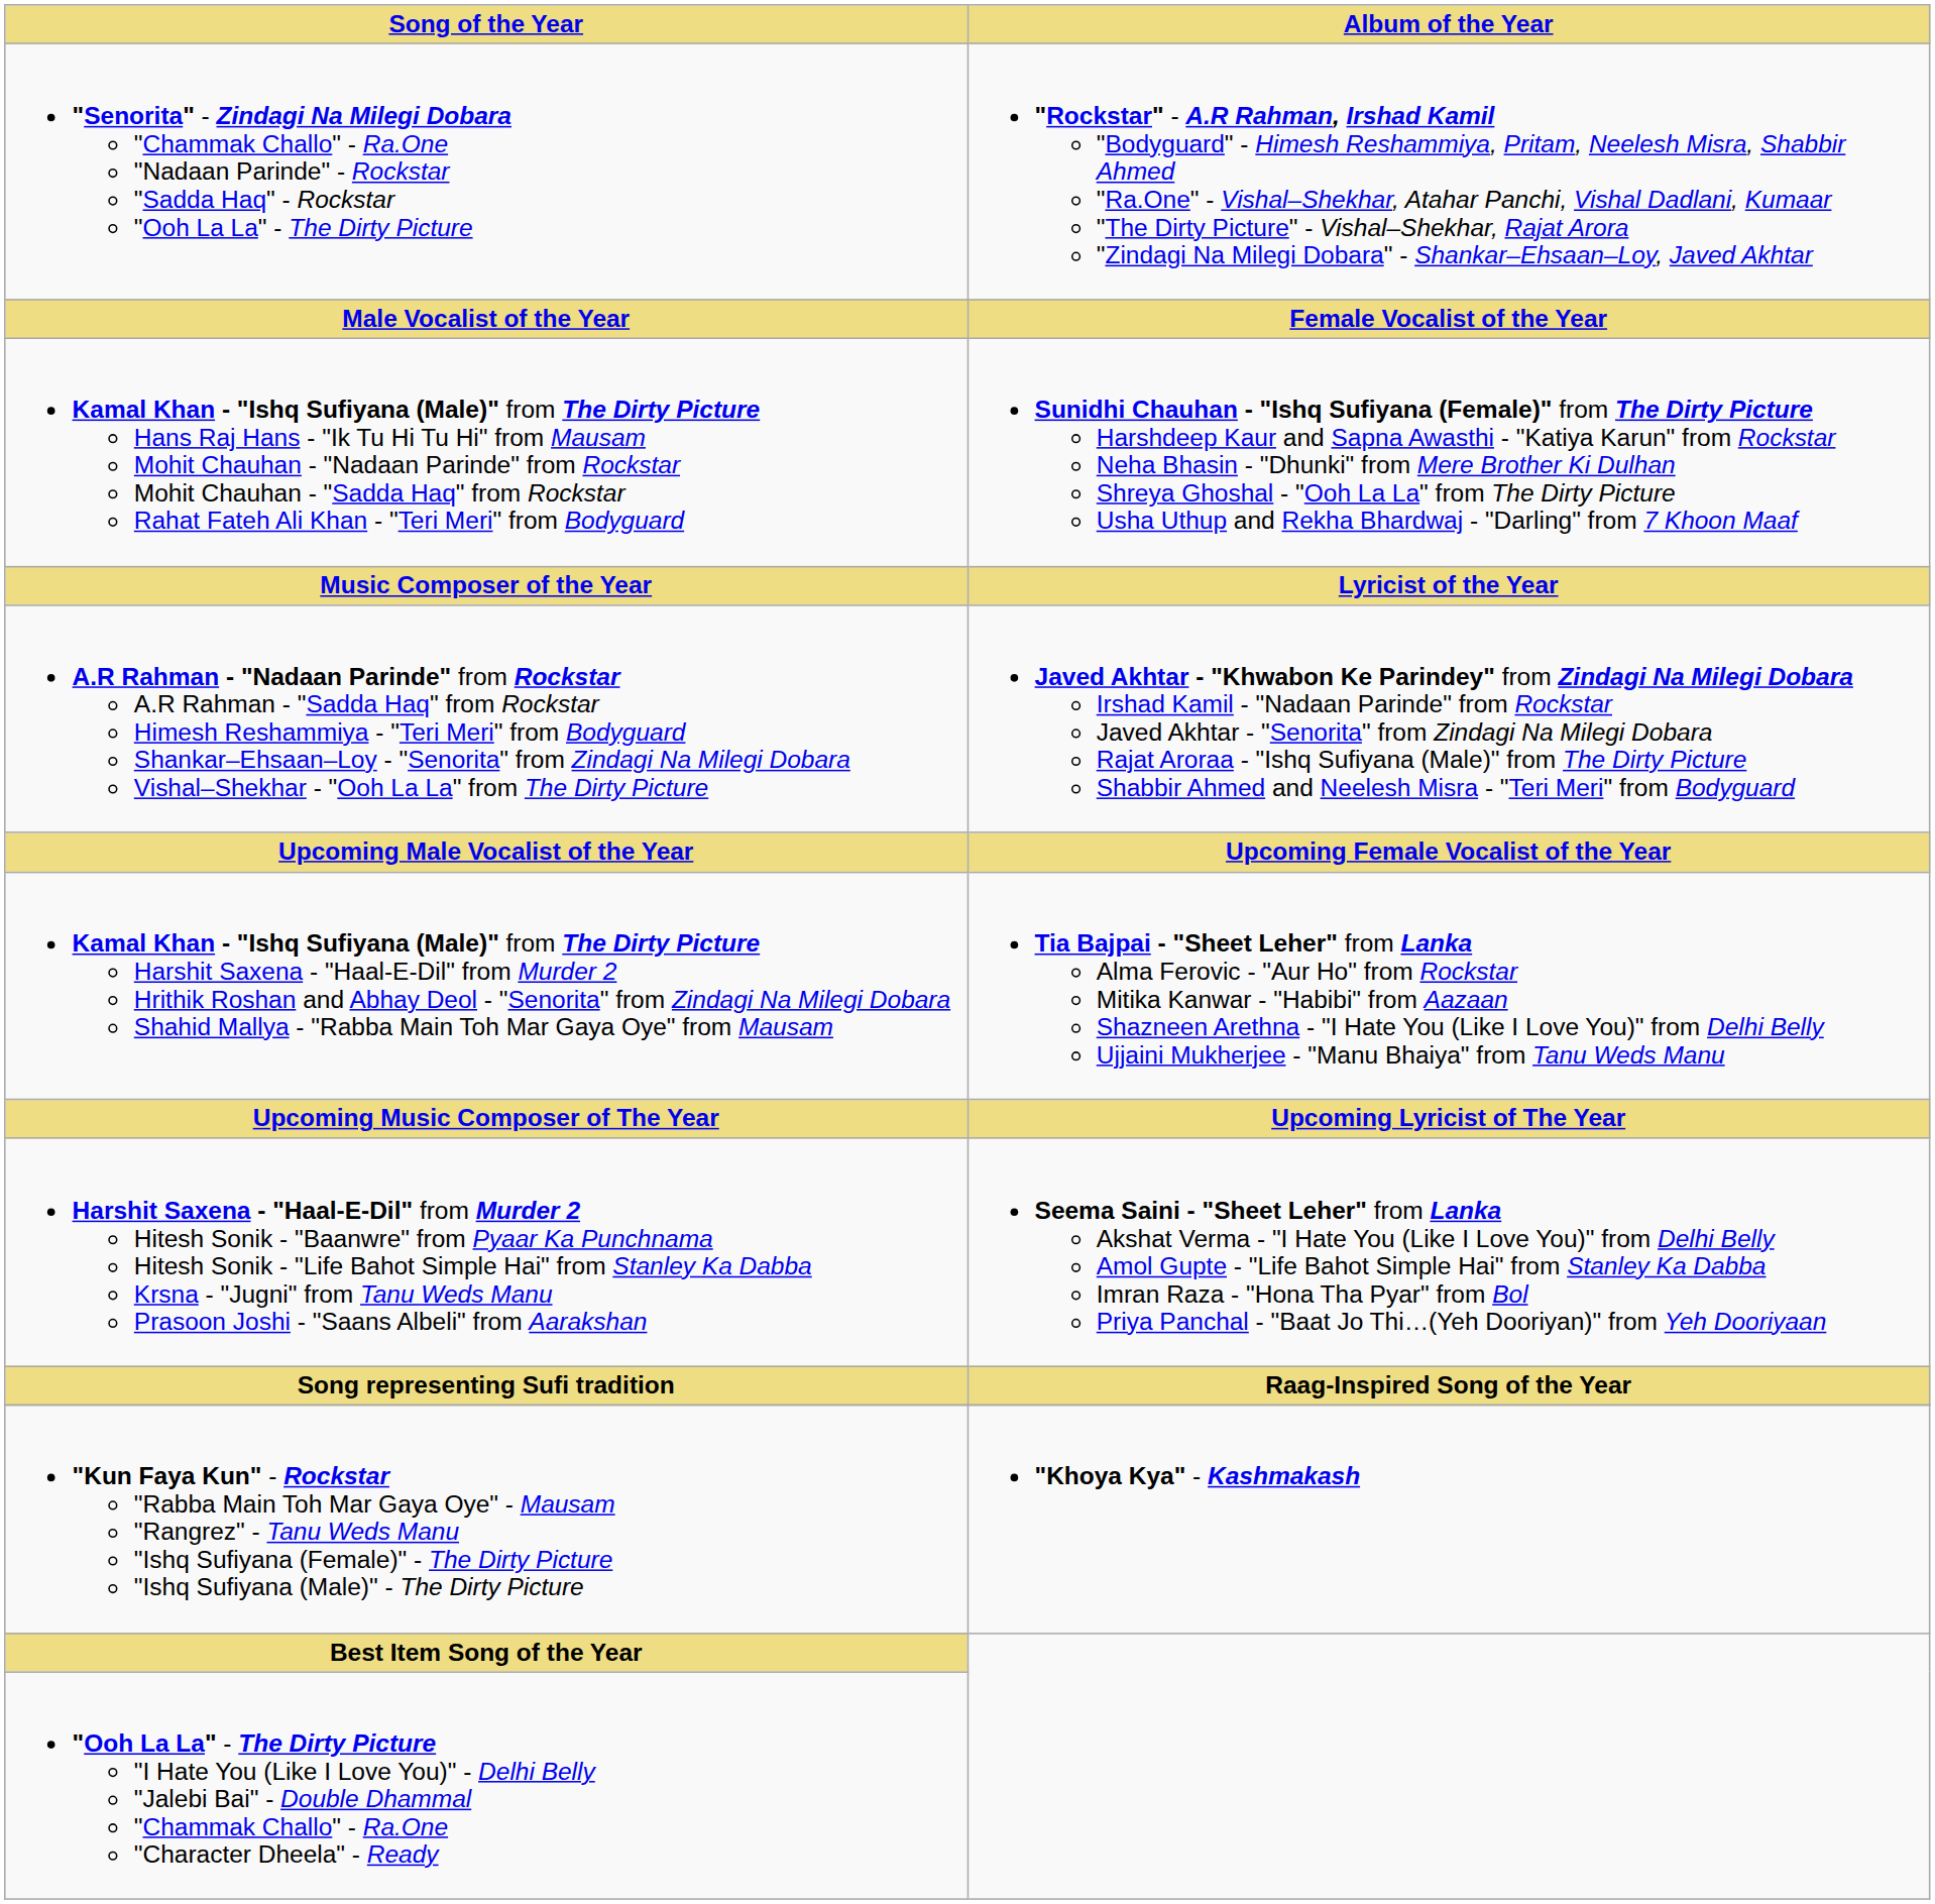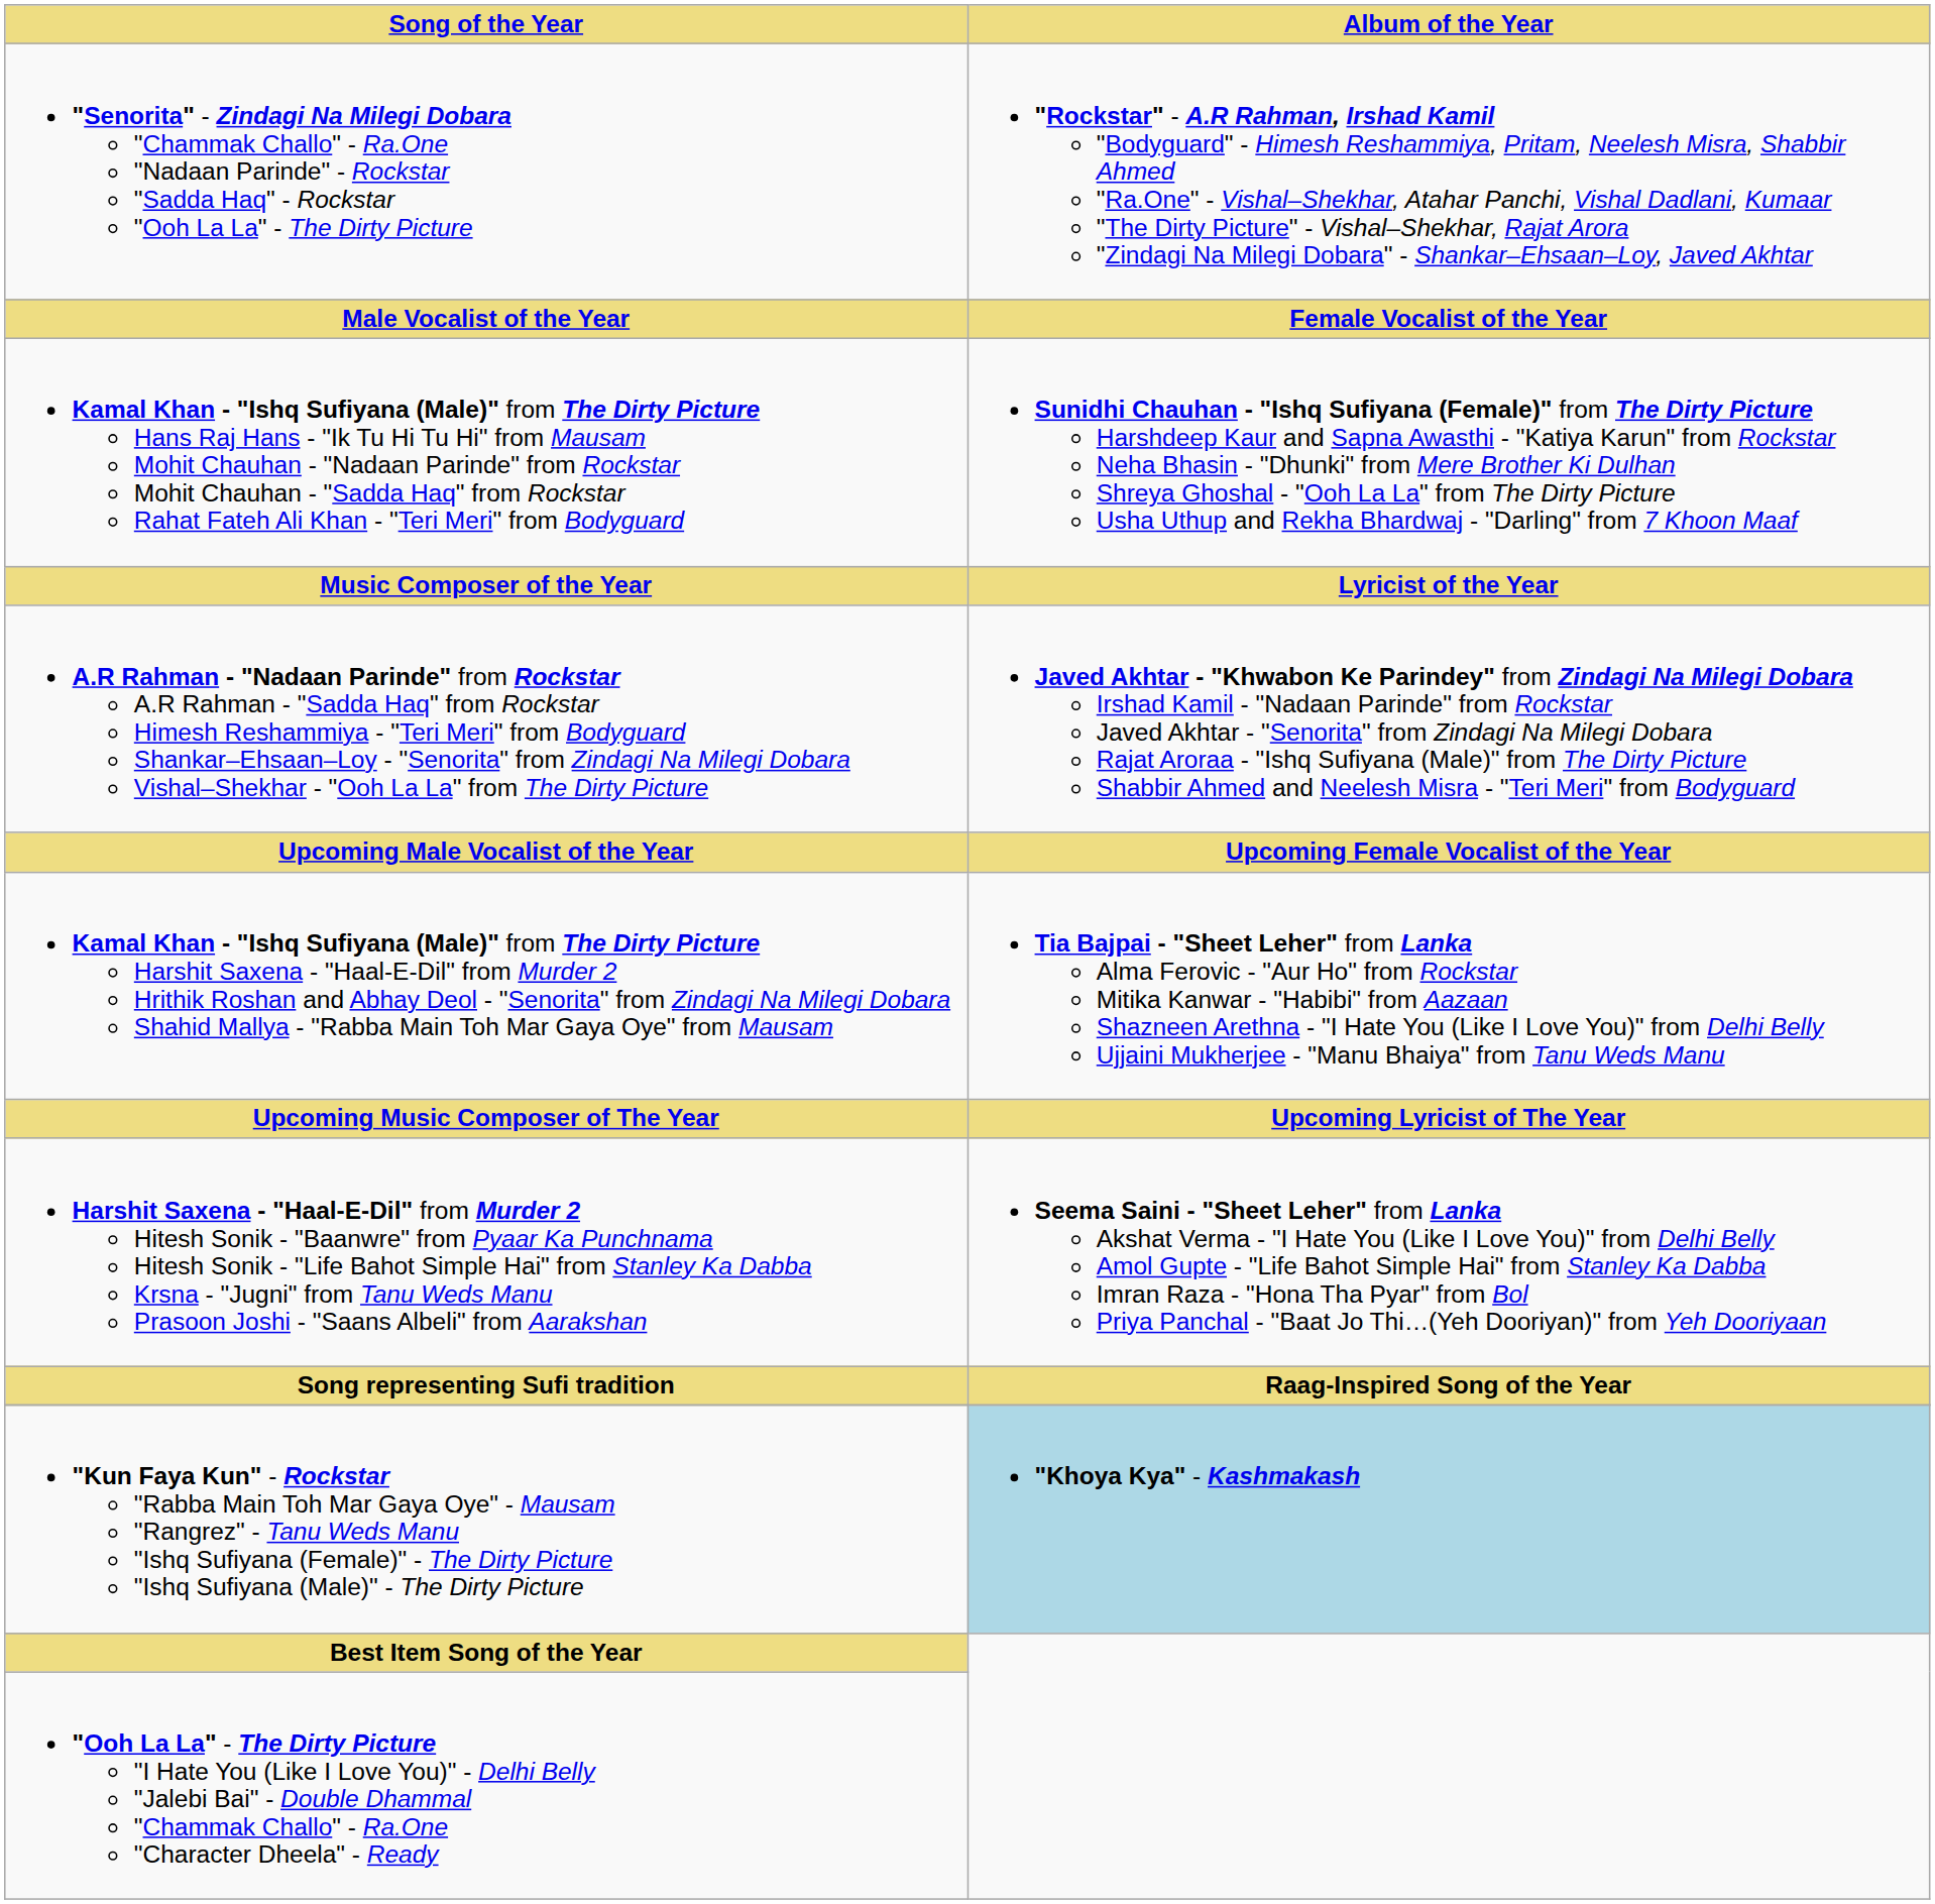 <table class="wikitable">
 <tr>
 <th style="background:#EEDD82; width:50%;"><a href='#'>Song of the Year</a></th>
 <th style="background:#EEDD82; width:50%;"><a href='#'>Album of the Year</a></th>
 </tr>
 <tr>
 <td valign="top"><br><ul><li><strong>"<a href='#'>Senorita</a>"</strong> - <strong><em><a href='#'>Zindagi Na Milegi Dobara</a></em></strong><ul><li>"<a href='#'>Chammak Challo</a>" - <em><a href='#'>Ra.One</a></em></li><li>"Nadaan Parinde" - <em><a href='#'>Rockstar</a></em></li><li>"<a href='#'>Sadda Haq</a>" - <em>Rockstar</em></li><li>"<a href='#'>Ooh La La</a>" - <em><a href='#'>The Dirty Picture</a></em></li></ul></li></ul></td>
 <td valign="top"><br><ul><li><strong>"<a href='#'>Rockstar</a>"</strong> - <strong><em><a href='#'>A.R Rahman</a>, <a href='#'>Irshad Kamil</a></em></strong><ul><li>"<a href='#'>Bodyguard</a>" - <em><a href='#'>Himesh Reshammiya</a>, <a href='#'>Pritam</a>, <a href='#'>Neelesh Misra</a>, <a href='#'>Shabbir Ahmed</a></em></li><li>"<a href='#'>Ra.One</a>" - <em><a href='#'>Vishal–Shekhar</a>, Atahar Panchi, <a href='#'>Vishal Dadlani</a>, <a href='#'>Kumaar</a></em></li><li>"<a href='#'>The Dirty Picture</a>" - <em>Vishal–Shekhar, <a href='#'>Rajat Arora</a></em></li><li>"<a href='#'>Zindagi Na Milegi Dobara</a>" - <em><a href='#'>Shankar–Ehsaan–Loy</a>, <a href='#'>Javed Akhtar</a></em></li></ul></li></ul></td>
 </tr>
 <tr>
 <th style="background:#EEDD82;"><a href='#'>Male Vocalist of the Year</a></th>
 <th style="background:#EEDD82;"><a href='#'>Female Vocalist of the Year</a></th>
 </tr>
 <tr>
 <td valign="top"><br><ul><li><strong><a href='#'>Kamal Khan</a> - "Ishq Sufiyana (Male)"</strong> from <strong><em><a href='#'>The Dirty Picture</a></em></strong><ul><li><a href='#'>Hans Raj Hans</a> - "Ik Tu Hi Tu Hi" from <em><a href='#'>Mausam</a></em></li><li><a href='#'>Mohit Chauhan</a> - "Nadaan Parinde" from <em><a href='#'>Rockstar</a></em></li><li>Mohit Chauhan - "<a href='#'>Sadda Haq</a>" from <em>Rockstar</em></li><li><a href='#'>Rahat Fateh Ali Khan</a> - "<a href='#'>Teri Meri</a>" from <em><a href='#'>Bodyguard</a></em></li></ul></li></ul></td>
 <td valign="top"><br><ul><li><strong><a href='#'>Sunidhi Chauhan</a> - "Ishq Sufiyana (Female)"</strong> from <strong><em><a href='#'>The Dirty Picture</a></em></strong><ul><li><a href='#'>Harshdeep Kaur</a> and <a href='#'>Sapna Awasthi</a> - "Katiya Karun" from <em><a href='#'>Rockstar</a></em></li><li><a href='#'>Neha Bhasin</a> - "Dhunki" from <em><a href='#'>Mere Brother Ki Dulhan</a></em></li><li><a href='#'>Shreya Ghoshal</a> - "<a href='#'>Ooh La La</a>" from <em>The Dirty Picture</em></li><li><a href='#'>Usha Uthup</a> and <a href='#'>Rekha Bhardwaj</a> - "Darling" from <em><a href='#'>7 Khoon Maaf</a></em></li></ul></li></ul></td>
 </tr>
 <tr>
 <th style="background:#EEDD82;"><a href='#'>Music Composer of the Year</a></th>
 <th style="background:#EEDD82;"><a href='#'>Lyricist of the Year</a></th>
 </tr>
 <tr>
 <td valign="top"><br><ul><li><strong><a href='#'>A.R Rahman</a> - "Nadaan Parinde"</strong> from <strong><em><a href='#'>Rockstar</a></em></strong><ul><li>A.R Rahman - "<a href='#'>Sadda Haq</a>" from <em>Rockstar</em></li><li><a href='#'>Himesh Reshammiya</a> - "<a href='#'>Teri Meri</a>" from <em><a href='#'>Bodyguard</a></em></li><li><a href='#'>Shankar–Ehsaan–Loy</a> - "<a href='#'>Senorita</a>" from <em><a href='#'>Zindagi Na Milegi Dobara</a></em></li><li><a href='#'>Vishal–Shekhar</a> - "<a href='#'>Ooh La La</a>" from <em><a href='#'>The Dirty Picture</a></em></li></ul></li></ul></td>
 <td valign="top"><br><ul><li><strong><a href='#'>Javed Akhtar</a> - "Khwabon Ke Parindey"</strong> from <strong><em><a href='#'>Zindagi Na Milegi Dobara</a></em></strong><ul><li><a href='#'>Irshad Kamil</a> - "Nadaan Parinde" from <em><a href='#'>Rockstar</a></em></li><li>Javed Akhtar - "<a href='#'>Senorita</a>" from <em>Zindagi Na Milegi Dobara</em></li><li><a href='#'>Rajat Aroraa</a> - "Ishq Sufiyana (Male)" from <em><a href='#'>The Dirty Picture</a></em></li><li><a href='#'>Shabbir Ahmed</a> and <a href='#'>Neelesh Misra</a> - "<a href='#'>Teri Meri</a>" from <em><a href='#'>Bodyguard</a></em></li></ul></li></ul></td>
 </tr>
 <tr>
 <th style="background:#EEDD82;"><a href='#'>Upcoming Male Vocalist of the Year</a></th>
 <th style="background:#EEDD82;"><a href='#'>Upcoming Female Vocalist of the Year</a></th>
 </tr>
 <tr>
 <td valign="top"><br><ul><li><strong><a href='#'>Kamal Khan</a> - "Ishq Sufiyana (Male)"</strong> from <strong><em><a href='#'>The Dirty Picture</a></em></strong><ul><li><a href='#'>Harshit Saxena</a> - "Haal-E-Dil" from <em><a href='#'>Murder 2</a></em></li><li><a href='#'>Hrithik Roshan</a> and <a href='#'>Abhay Deol</a> - "<a href='#'>Senorita</a>" from <em><a href='#'>Zindagi Na Milegi Dobara</a></em></li><li><a href='#'>Shahid Mallya</a> - "Rabba Main Toh Mar Gaya Oye" from <em><a href='#'>Mausam</a></em></li></ul></li></ul></td>
 <td valign="top"><br><ul><li><strong><a href='#'>Tia Bajpai</a> - "Sheet Leher"</strong> from <strong><em><a href='#'>Lanka</a></em></strong><ul><li>Alma Ferovic - "Aur Ho" from <em><a href='#'>Rockstar</a></em></li><li>Mitika Kanwar - "Habibi" from <em><a href='#'>Aazaan</a></em></li><li><a href='#'>Shazneen Arethna</a> - "I Hate You (Like I Love You)" from <em><a href='#'>Delhi Belly</a></em></li><li><a href='#'>Ujjaini Mukherjee</a> - "Manu Bhaiya" from <em><a href='#'>Tanu Weds Manu</a></em></li></ul></li></ul></td>
 </tr>
 <tr>
 <th style="background:#EEDD82;"><a href='#'>Upcoming Music Composer of The Year</a></th>
 <th style="background:#EEDD82;"><a href='#'>Upcoming Lyricist of The Year</a></th>
 </tr>
 <tr>
 <td valign="top"><br><ul><li><strong><a href='#'>Harshit Saxena</a> - "Haal-E-Dil"</strong> from <strong><em><a href='#'>Murder 2</a></em></strong><ul><li>Hitesh Sonik - "Baanwre" from <em><a href='#'>Pyaar Ka Punchnama</a></em></li><li>Hitesh Sonik - "Life Bahot Simple Hai" from <em><a href='#'>Stanley Ka Dabba</a></em></li><li><a href='#'>Krsna</a> - "Jugni" from <em><a href='#'>Tanu Weds Manu</a></em></li><li><a href='#'>Prasoon Joshi</a> - "Saans Albeli" from <em><a href='#'>Aarakshan</a></em></li></ul></li></ul></td>
 <td valign="top"><br><ul><li><strong>Seema Saini - "Sheet Leher"</strong> from <strong><em><a href='#'>Lanka</a></em></strong><ul><li>Akshat Verma - "I Hate You (Like I Love You)" from <em><a href='#'>Delhi Belly</a></em></li><li><a href='#'>Amol Gupte</a> - "Life Bahot Simple Hai" from <em><a href='#'>Stanley Ka Dabba</a></em></li><li>Imran Raza - "Hona Tha Pyar" from <em><a href='#'>Bol</a></em></li><li><a href='#'>Priya Panchal</a> - "Baat Jo Thi…(Yeh Dooriyan)" from <em><a href='#'>Yeh Dooriyaan</a></em></li></ul></li></ul></td>
 </tr>
 <tr>
 <th style="background:#EEDD82;">Song representing Sufi tradition</th>
 <th style="background:#EEDD82;">Raag-Inspired Song of the Year</th>
 </tr>
 <tr>
 </tr>
 <tr>
 <td valign="top"><br><ul><li><strong>"Kun Faya Kun"</strong> - <strong><em><a href='#'>Rockstar</a></em></strong><ul><li>"Rabba Main Toh Mar Gaya Oye" - <em><a href='#'>Mausam</a></em></li><li>"Rangrez" - <em><a href='#'>Tanu Weds Manu</a></em></li><li>"Ishq Sufiyana (Female)" - <em><a href='#'>The Dirty Picture</a></em></li><li>"Ishq Sufiyana (Male)" - <em>The Dirty Picture</em></li></ul></li></ul></td>
-<td valign="top"><br><ul><li><strong>"Khoya Kya"</strong> - <strong><em><a href='#'>Kashmakash</a></em></strong></li></ul></td>
+<td valign="top" style="background: lightblue;"><br><ul><li><strong>"Khoya Kya"</strong> - <strong><em><a href='#'>Kashmakash</a></em></strong></li></ul></td>
 </tr>
 <tr>
 <th style="background:#EEDD82;">Best Item Song of the Year</th>
 </tr>
 <tr>
 <td valign="top"><br><ul><li><strong>"<a href='#'>Ooh La La</a>"</strong> - <strong><em><a href='#'>The Dirty Picture</a></em></strong><ul><li>"I Hate You (Like I Love You)" - <em><a href='#'>Delhi Belly</a></em></li><li>"Jalebi Bai" - <em><a href='#'>Double Dhammal</a></em></li><li>"<a href='#'>Chammak Challo</a>" - <em><a href='#'>Ra.One</a></em></li><li>"Character Dheela" - <em><a href='#'>Ready</a></em></li></ul></li></ul></td>
 </tr>
 </table>
